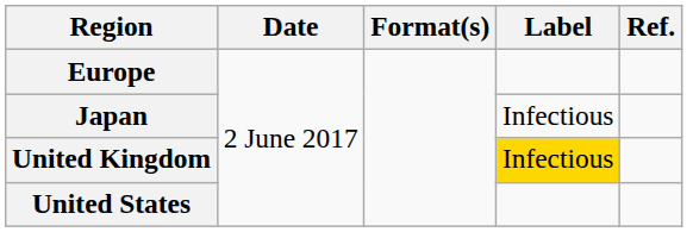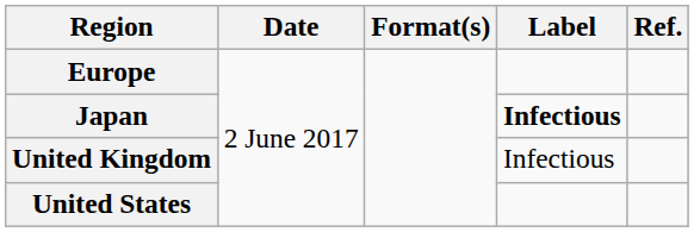 <table class="wikitable plainrowheaders">
 <tr>
 <th scope="col">Region</th>
 <th scope="col">Date</th>
 <th scope="col">Format(s)</th>
 <th scope="col">Label</th>
 <th scope="col">Ref.</th>
 </tr>
 <tr>
 <th scope="row">Europe</th>
 <td rowspan="4">2 June 2017</td>
 <td rowspan="4"></td>
 <td></td>
 <td></td>
 </tr>
 <tr>
 <th scope="row">Japan</th>
-<td>Infectious</td>
+<td><strong>Infectious</strong></td>
 <td></td>
 </tr>
 <tr>
 <th scope="row">United Kingdom</th>
-<td style="background: gold;">Infectious</td>
+<td>Infectious</td>
 <td></td>
 </tr>
 <tr>
 <th scope="row">United States</th>
 <td></td>
 <td></td>
 </tr>
 </table>
